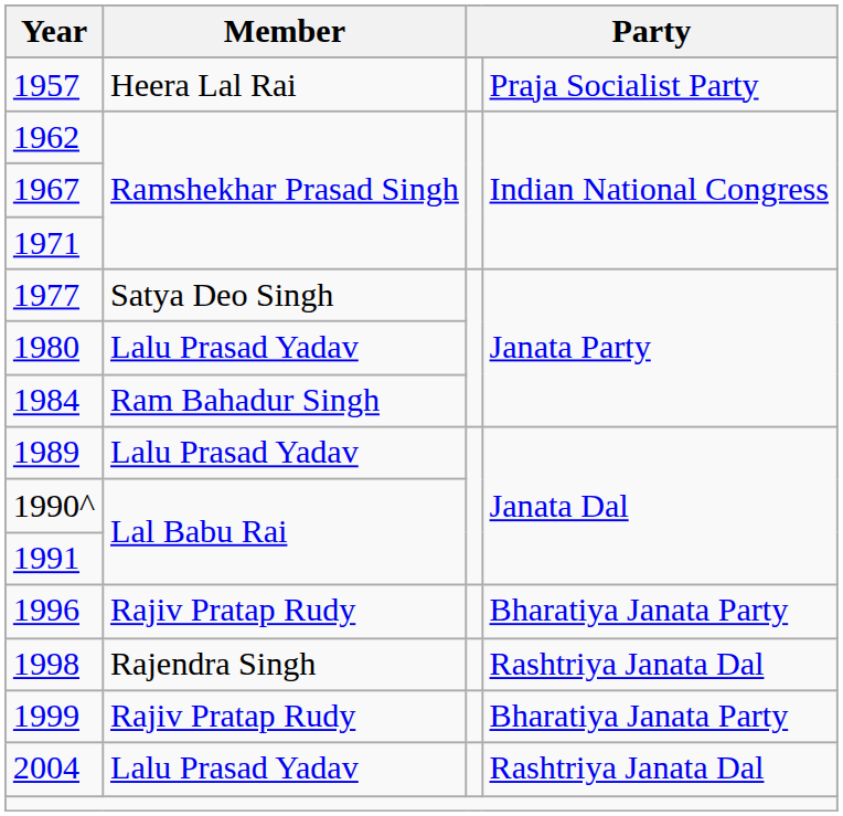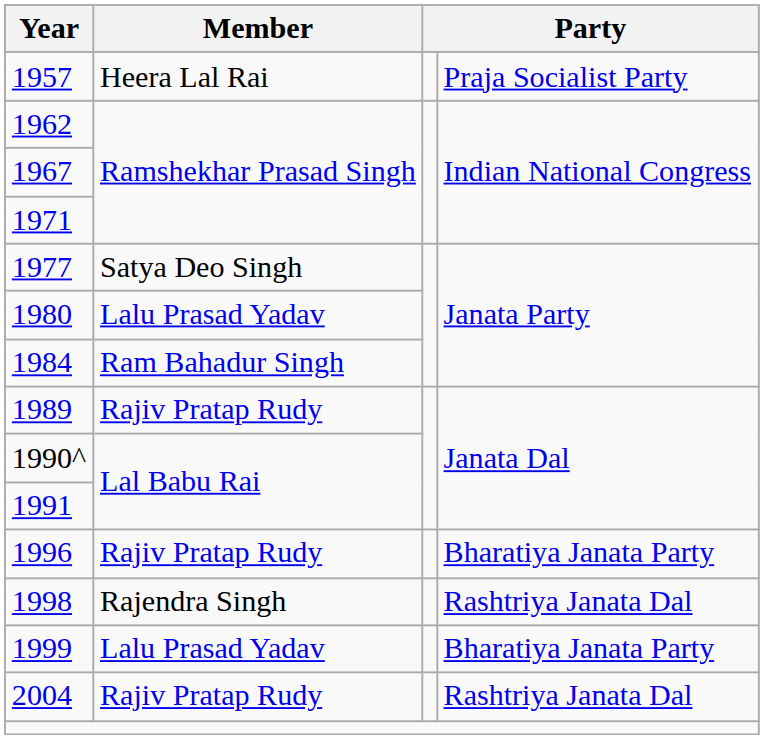 <table class="wikitable">
 <tr>
 <th>Year</th>
 <th>Member</th>
 <th colspan="2">Party</th>
 </tr>
 <tr>
 <td><a href='#'>1957</a></td>
 <td>Heera Lal Rai</td>
 <td style="background-color:"></td>
 <td><a href='#'>Praja Socialist Party</a></td>
 </tr>
 <tr>
 <td><a href='#'>1962</a></td>
 <td rowspan="3"><a href='#'>Ramshekhar Prasad Singh</a></td>
 <td rowspan="3" style="background-color:"></td>
 <td rowspan="3"><a href='#'>Indian National Congress</a></td>
 </tr>
 <tr>
 <td><a href='#'>1967</a></td>
 </tr>
 <tr>
 <td><a href='#'>1971</a></td>
 </tr>
 <tr>
 <td><a href='#'>1977</a></td>
 <td>Satya Deo Singh</td>
 <td rowspan="3" style="background-color:"></td>
 <td rowspan="3"><a href='#'>Janata Party</a></td>
 </tr>
 <tr>
 <td><a href='#'>1980</a></td>
 <td><a href='#'>Lalu Prasad Yadav</a></td>
 </tr>
 <tr>
 <td><a href='#'>1984</a></td>
 <td><a href='#'>Ram Bahadur Singh</a></td>
 </tr>
 <tr>
 <td><a href='#'>1989</a></td>
-<td><a href='#'>Lalu Prasad Yadav</a></td>
+<td><a href='#'>Rajiv Pratap Rudy</a></td>
 <td rowspan="3" style="background-color:"></td>
 <td rowspan="3"><a href='#'>Janata Dal</a></td>
 </tr>
 <tr>
 <td>1990^</td>
 <td rowspan="2"><a href='#'>Lal Babu Rai</a></td>
 </tr>
 <tr>
 <td><a href='#'>1991</a></td>
 </tr>
 <tr>
 <td><a href='#'>1996</a></td>
 <td><a href='#'>Rajiv Pratap Rudy</a></td>
 <td style="background-color:"></td>
 <td><a href='#'>Bharatiya Janata Party</a></td>
 </tr>
 <tr>
 <td><a href='#'>1998</a></td>
 <td>Rajendra Singh</td>
 <td style="background-color:"></td>
 <td><a href='#'>Rashtriya Janata Dal</a></td>
 </tr>
 <tr>
 <td><a href='#'>1999</a></td>
-<td><a href='#'>Rajiv Pratap Rudy</a></td>
+<td><a href='#'>Lalu Prasad Yadav</a></td>
 <td style="background-color:"></td>
 <td><a href='#'>Bharatiya Janata Party</a></td>
 </tr>
 <tr>
 <td><a href='#'>2004</a></td>
-<td><a href='#'>Lalu Prasad Yadav</a></td>
+<td><a href='#'>Rajiv Pratap Rudy</a></td>
 <td style="background-color:"></td>
 <td><a href='#'>Rashtriya Janata Dal</a></td>
 </tr>
 <tr>
 <td colspan="4"></td>
 </tr>
 </table>
